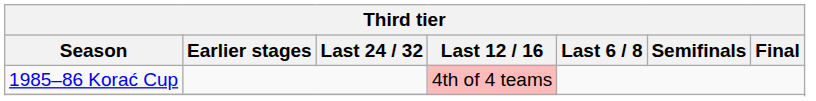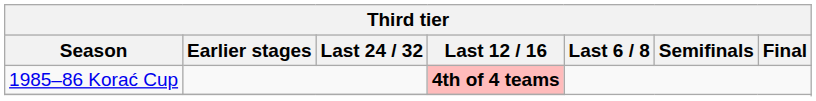 <table class="wikitable" style="font-size:90%">
 <tr>
 <th colspan=7>Third tier</th>
 </tr>
 <tr>
 <th>Season</th>
 <th>Earlier stages</th>
 <th>Last 24 / 32</th>
 <th>Last 12 / 16</th>
 <th>Last 6 / 8</th>
 <th>Semifinals</th>
 <th>Final</th>
 </tr>
 <tr>
 <td><a href='#'>1985–86 Korać Cup</a></td>
 <td colspan=2></td>
-<td bgcolor=#FFBBBB>4th of 4 teams</td>
+<td bgcolor=#FFBBBB><strong>4th of 4 teams</strong></td>
 </tr>
 <tr>
 </tr>
 </table>
